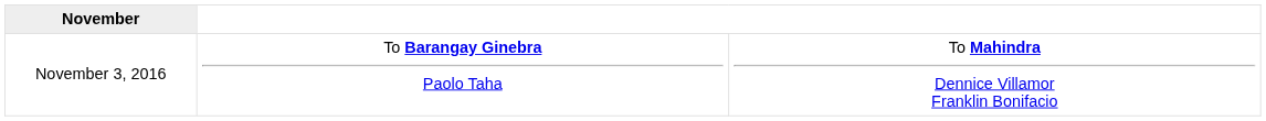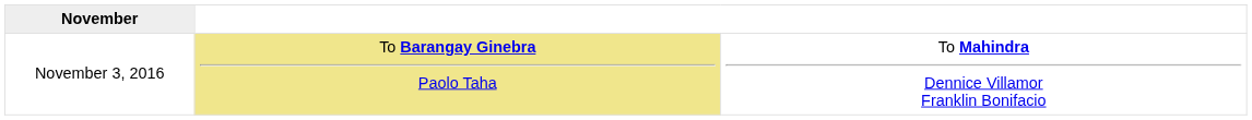 <table border=1 style="border-collapse:collapse; text-align: center; width: 100%" bordercolor="#DFDFDF"  cellpadding="5">
 <tr bgcolor="eeeeee">
 <th>November</th>
 </tr>
 <tr>
 <td style="width:12%">November 3, 2016</td>
-<td style="width:33.3%" valign="top">To <strong><a href='#'>Barangay Ginebra</a></strong><hr><a href='#'>Paolo Taha</a></td>
+<td style="background: khaki; width:33.3%" valign="top">To <strong><a href='#'>Barangay Ginebra</a></strong><hr><a href='#'>Paolo Taha</a></td>
 <td style="width:33.3%" valign="top">To <strong><a href='#'>Mahindra</a></strong><hr><a href='#'>Dennice Villamor</a><br><a href='#'>Franklin Bonifacio</a></td>
 </tr>
 </table>
